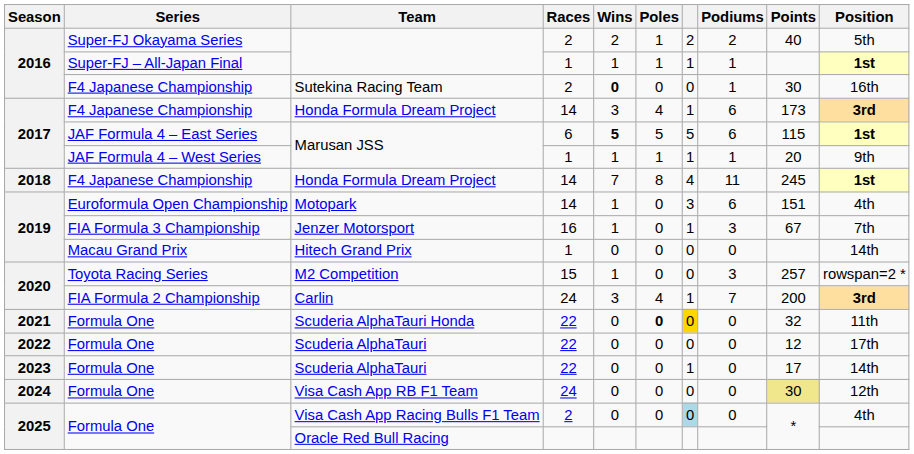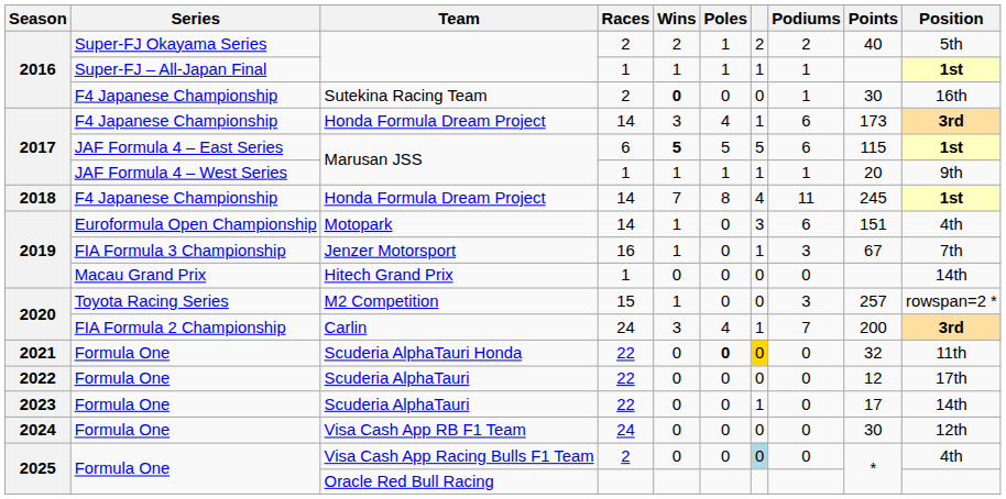 <table class="wikitable" style="font-size: 90%; text-align:center">
 <tr>
 <th>Season</th>
 <th>Series</th>
 <th>Team</th>
 <th>Races</th>
 <th>Wins</th>
 <th>Poles</th>
 <th></th>
 <th>Podiums</th>
 <th>Points</th>
 <th>Position</th>
 </tr>
 <tr>
 <th rowspan="3">2016</th>
 <td align=left><a href='#'>Super-FJ Okayama Series</a></td>
 <td rowspan="2" align="left"></td>
 <td>2</td>
 <td>2</td>
 <td>1</td>
 <td>2</td>
 <td>2</td>
 <td>40</td>
 <td>5th</td>
 </tr>
 <tr>
 <td align=left><a href='#'>Super-FJ – All-Japan Final</a></td>
 <td>1</td>
 <td>1</td>
 <td>1</td>
 <td>1</td>
 <td>1</td>
 <td></td>
 <td style="background:#FFFFBF;"><strong>1st</strong></td>
 </tr>
 <tr>
 <td align=left><a href='#'>F4 Japanese Championship</a></td>
 <td align=left>Sutekina Racing Team</td>
 <td>2</td>
 <td><strong>0</strong></td>
 <td>0</td>
 <td>0</td>
 <td>1</td>
 <td>30</td>
 <td>16th</td>
 </tr>
 <tr>
 <th rowspan="3">2017</th>
 <td align="left"><a href='#'>F4 Japanese Championship</a></td>
 <td align="left"><a href='#'>Honda Formula Dream Project</a></td>
 <td>14</td>
 <td>3</td>
 <td>4</td>
 <td>1</td>
 <td>6</td>
 <td>173</td>
 <td style="background:#FFDF9F;"><strong>3rd</strong></td>
 </tr>
 <tr>
 <td align="left"><a href='#'>JAF Formula 4 – East Series</a></td>
 <td rowspan="2" align="left">Marusan  JSS</td>
 <td>6</td>
 <td><strong>5</strong></td>
 <td>5</td>
 <td>5</td>
 <td>6</td>
 <td>115</td>
 <td style="background:#FFFFBF;"><strong>1st</strong></td>
 </tr>
 <tr>
 <td align=left><a href='#'>JAF Formula 4 – West Series</a></td>
 <td>1</td>
 <td>1</td>
 <td>1</td>
 <td>1</td>
 <td>1</td>
 <td>20</td>
 <td>9th</td>
 </tr>
 <tr>
 <th>2018</th>
 <td align="left"><a href='#'>F4 Japanese Championship</a></td>
 <td align="left"><a href='#'>Honda Formula Dream Project</a></td>
 <td>14</td>
 <td>7</td>
 <td>8</td>
 <td>4</td>
 <td>11</td>
 <td>245</td>
 <td style="background:#FFFFBF;"><strong>1st</strong></td>
 </tr>
 <tr>
 <th rowspan=3>2019</th>
 <td align=left><a href='#'>Euroformula Open Championship</a></td>
 <td align=left><a href='#'>Motopark</a></td>
 <td>14</td>
 <td>1</td>
 <td>0</td>
 <td>3</td>
 <td>6</td>
 <td>151</td>
 <td>4th</td>
 </tr>
 <tr>
 <td align=left><a href='#'>FIA Formula 3 Championship</a></td>
 <td align=left><a href='#'>Jenzer Motorsport</a></td>
 <td>16</td>
 <td>1</td>
 <td>0</td>
 <td>1</td>
 <td>3</td>
 <td>67</td>
 <td>7th</td>
 </tr>
 <tr>
 <td align=left><a href='#'>Macau Grand Prix</a></td>
 <td align=left><a href='#'>Hitech Grand Prix</a></td>
 <td>1</td>
 <td>0</td>
 <td>0</td>
 <td>0</td>
 <td>0</td>
 <td></td>
 <td>14th</td>
 </tr>
 <tr>
 <th rowspan=2>2020</th>
 <td align=left><a href='#'>Toyota Racing Series</a></td>
 <td align=left><a href='#'>M2 Competition</a></td>
 <td>15</td>
 <td>1</td>
 <td>0</td>
 <td>0</td>
 <td>3</td>
 <td>257</td>
 <td>rowspan=2 *</td>
 </tr>
 <tr>
 <td align=left><a href='#'>FIA Formula 2 Championship</a></td>
 <td align=left><a href='#'>Carlin</a></td>
 <td>24</td>
 <td>3</td>
 <td>4</td>
 <td>1</td>
 <td>7</td>
 <td>200</td>
 <td style="background:#FFDF9F;"><strong>3rd</strong></td>
 </tr>
 <tr>
 <th>2021</th>
 <td align="left"><a href='#'>Formula One</a></td>
 <td align="left"><a href='#'>Scuderia AlphaTauri Honda</a></td>
 <td><a href='#'>22</a></td>
 <td>0</td>
 <td><strong>0</strong></td>
 <td style="background: gold;">0</td>
 <td>0</td>
 <td>32</td>
 <td>11th</td>
 </tr>
 <tr>
 <th>2022</th>
 <td align=left><a href='#'>Formula One</a></td>
 <td align=left><a href='#'>Scuderia AlphaTauri</a></td>
 <td><a href='#'>22</a></td>
 <td>0</td>
 <td>0</td>
 <td>0</td>
 <td>0</td>
 <td>12</td>
 <td>17th</td>
 </tr>
 <tr>
 <th>2023</th>
 <td align=left><a href='#'>Formula One</a></td>
 <td align=left><a href='#'>Scuderia AlphaTauri</a></td>
 <td><a href='#'>22</a></td>
 <td>0</td>
 <td>0</td>
 <td>1</td>
 <td>0</td>
 <td>17</td>
 <td>14th</td>
 </tr>
 <tr>
 <th>2024</th>
 <td align=left><a href='#'>Formula One</a></td>
 <td align=left><a href='#'>Visa Cash App RB F1 Team</a></td>
 <td><a href='#'>24</a></td>
 <td>0</td>
 <td>0</td>
 <td>0</td>
 <td>0</td>
-<td style="background: khaki;">30</td>
+<td>30</td>
 <td>12th</td>
 </tr>
 <tr>
 <th rowspan=2>2025</th>
 <td align=left rowspan=2><a href='#'>Formula One</a></td>
 <td align=left><a href='#'>Visa Cash App Racing Bulls F1 Team</a></td>
 <td><a href='#'>2</a></td>
 <td>0</td>
 <td>0</td>
 <td style="background: lightblue;">0</td>
 <td>0</td>
 <td rowspan=2>*</td>
 <td>4th</td>
 </tr>
 <tr>
 <td align=left><a href='#'>Oracle Red Bull Racing</a></td>
 <td></td>
 <td></td>
 <td></td>
 <td></td>
 <td></td>
 </tr>
 </table>
